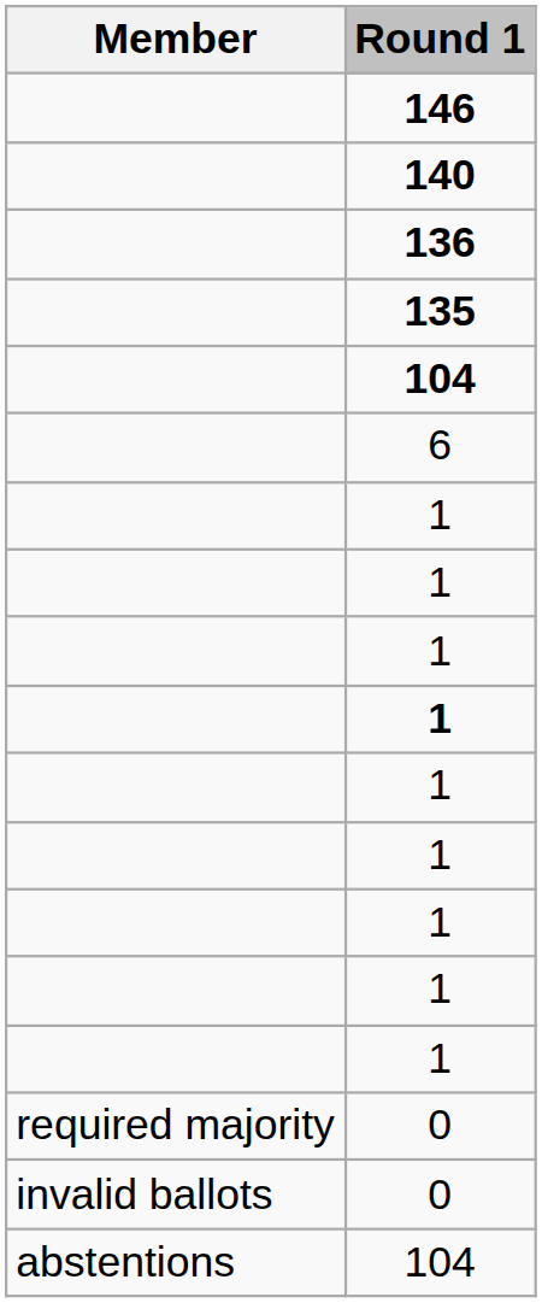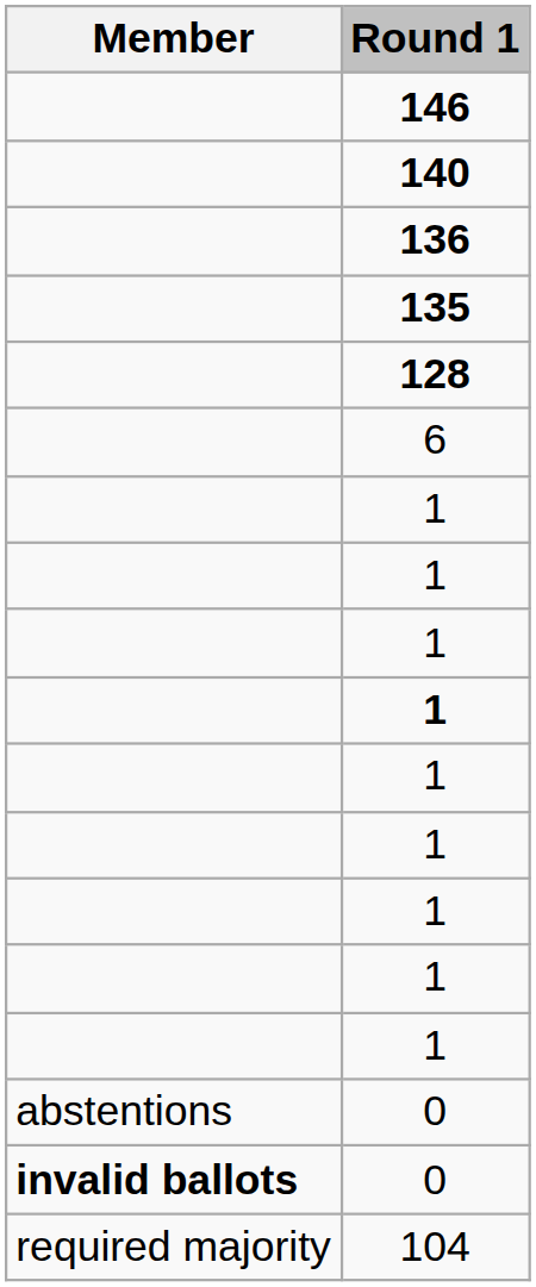 <table class="wikitable collapsible">
 <tr>
 <th>Member</th>
 <td style="background:silver;"><strong>Round 1</strong></td>
 </tr>
 <tr>
 <td></td>
 <td style="text-align:center;"><strong>146</strong></td>
 </tr>
 <tr>
 <td></td>
 <td style="text-align:center;"><strong>140</strong></td>
 </tr>
 <tr>
 <td></td>
 <td style="text-align:center;"><strong>136</strong></td>
 </tr>
 <tr>
 <td></td>
 <td style="text-align:center;"><strong>135</strong></td>
 </tr>
 <tr>
 <td></td>
-<td style="text-align:center;"><strong>104</strong></td>
+<td style="text-align:center;"><strong>128</strong></td>
 </tr>
 <tr>
 <td></td>
 <td style="text-align:center;">6</td>
 </tr>
 <tr>
 <td></td>
 <td style="text-align:center;">1</td>
 </tr>
 <tr>
 <td></td>
 <td style="text-align:center;">1</td>
 </tr>
 <tr>
 <td></td>
 <td style="text-align:center;">1</td>
 </tr>
 <tr>
 <td></td>
 <td style="text-align:center;"><strong>1</strong></td>
 </tr>
 <tr>
 <td></td>
 <td style="text-align:center;">1</td>
 </tr>
 <tr>
 <td></td>
 <td style="text-align:center;">1</td>
 </tr>
 <tr>
 <td></td>
 <td style="text-align:center;">1</td>
 </tr>
 <tr>
 <td></td>
 <td style="text-align:center;">1</td>
 </tr>
 <tr>
 <td></td>
 <td style="text-align:center;">1</td>
 </tr>
 <tr>
-<td>required majority</td>
+<td>abstentions</td>
 <td style="text-align:center;">0</td>
 </tr>
 <tr>
-<td>invalid ballots</td>
+<td><strong>invalid ballots</strong></td>
 <td style="text-align:center;">0</td>
 </tr>
 <tr>
-<td>abstentions</td>
+<td>required majority</td>
 <td style="text-align:center;">104</td>
 </tr>
 </table>
